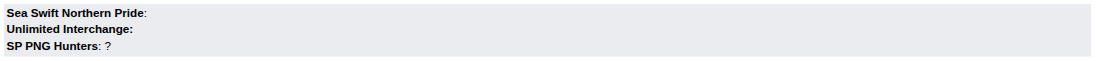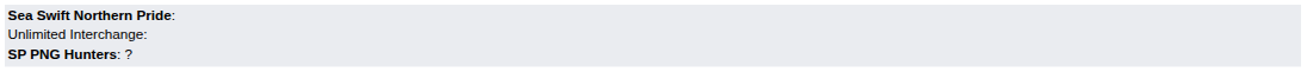 <table style="background:#eaecf0; font-size:85%; width:100%;">
 <tr>
 <td><strong>Sea Swift Northern Pride</strong>:             </td>
 </tr>
 <tr>
-<td><strong>Unlimited Interchange:       </strong></td>
+<td>Unlimited Interchange:       </td>
 </tr>
 <tr>
 <td><strong>SP PNG Hunters</strong>: ?</td>
 </tr>
 <tr>
 </tr>
 </table>
